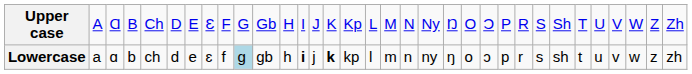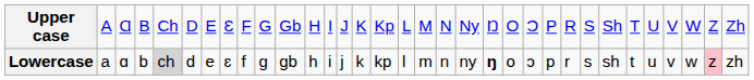 <table class="wikitable">
 <tr>
 <th scope="row">Upper case</th>
 <td><a href='#'>A</a></td>
 <td><a href='#'>Ɑ</a></td>
 <td><a href='#'>B</a></td>
 <td><a href='#'>Ch</a></td>
 <td><a href='#'>D</a></td>
 <td><a href='#'>E</a></td>
 <td><a href='#'>Ɛ</a></td>
 <td><a href='#'>F</a></td>
 <td><a href='#'>G</a></td>
 <td><a href='#'>Gb</a></td>
 <td><a href='#'>H</a></td>
 <td><a href='#'>I</a></td>
 <td><a href='#'>J</a></td>
 <td><a href='#'>K</a></td>
 <td><a href='#'>Kp</a></td>
 <td><a href='#'>L</a></td>
 <td><a href='#'>M</a></td>
 <td><a href='#'>N</a></td>
 <td><a href='#'>Ny</a></td>
 <td><a href='#'>Ŋ</a></td>
 <td><a href='#'>O</a></td>
 <td><a href='#'>Ɔ</a></td>
 <td><a href='#'>P</a></td>
 <td><a href='#'>R</a></td>
 <td><a href='#'>S</a></td>
 <td><a href='#'>Sh</a></td>
 <td><a href='#'>T</a></td>
 <td><a href='#'>U</a></td>
 <td><a href='#'>V</a></td>
 <td><a href='#'>W</a></td>
 <td><a href='#'>Z</a></td>
 <td><a href='#'>Zh</a></td>
 </tr>
 <tr>
 <th scope="row">Lowercase</th>
 <td>a</td>
 <td>ɑ</td>
 <td>b</td>
-<td>ch</td>
+<td style="background: lightgrey;">ch</td>
 <td>d</td>
 <td>e</td>
 <td>ɛ</td>
 <td>f</td>
-<td style="background: lightblue;">g</td>
+<td>g</td>
 <td>gb</td>
 <td>h</td>
-<td><strong>i</strong></td>
+<td>i</td>
 <td>j</td>
-<td><strong>k</strong></td>
+<td>k</td>
 <td>kp</td>
 <td>l</td>
 <td>m</td>
 <td>n</td>
 <td>ny</td>
-<td>ŋ</td>
+<td><strong>ŋ</strong></td>
 <td>o</td>
 <td>ɔ</td>
 <td>p</td>
 <td>r</td>
 <td>s</td>
 <td>sh</td>
 <td>t</td>
 <td>u</td>
 <td>v</td>
 <td>w</td>
-<td>z</td>
+<td style="background: pink;">z</td>
 <td>zh</td>
 </tr>
 </table>
